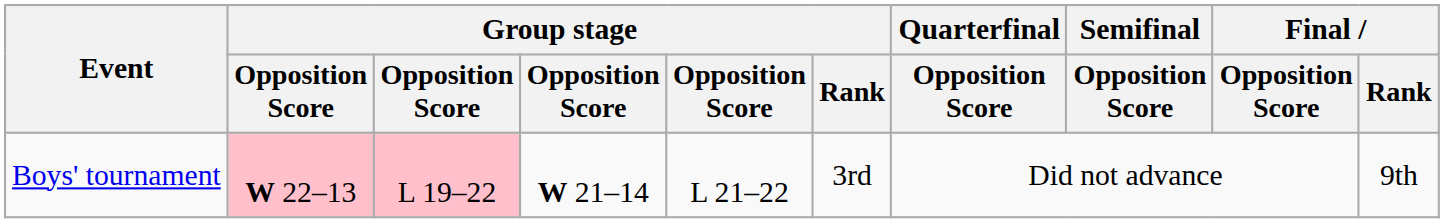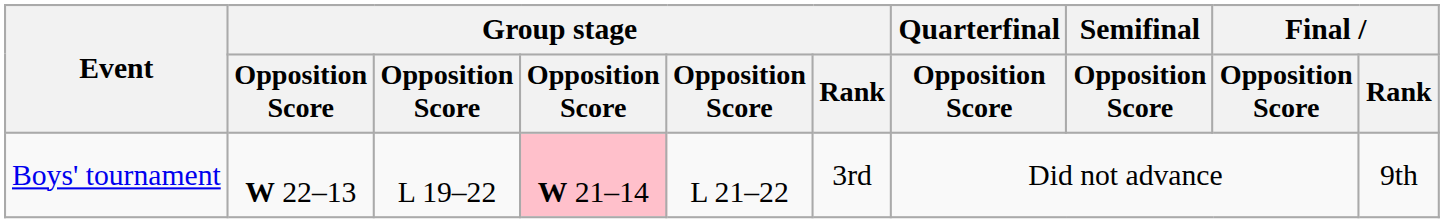 <table class="wikitable" style="font-size:90%">
 <tr>
 <th rowspan=2>Event</th>
 <th colspan=5>Group stage</th>
 <th>Quarterfinal</th>
 <th>Semifinal</th>
 <th colspan=2>Final / </th>
 </tr>
 <tr style="font-size:95%">
 <th>Opposition<br>Score</th>
 <th>Opposition<br>Score</th>
 <th>Opposition<br>Score</th>
 <th>Opposition<br>Score</th>
 <th>Rank</th>
 <th>Opposition<br>Score</th>
 <th>Opposition<br>Score</th>
 <th>Opposition<br>Score</th>
 <th>Rank</th>
 </tr>
 <tr align=center>
 <td align=left><a href='#'>Boys' tournament</a></td>
-<td style="background: pink;"><br><strong>W</strong> 22–13</td>
-<td style="background: pink;"><br>L 19–22</td>
-<td><br><strong>W</strong> 21–14</td>
+<td><br><strong>W</strong> 22–13</td>
+<td><br>L 19–22</td>
+<td style="background: pink;"><br><strong>W</strong> 21–14</td>
 <td><br>L 21–22</td>
 <td>3rd</td>
 <td colspan=3>Did not advance</td>
 <td>9th</td>
 </tr>
 </table>
